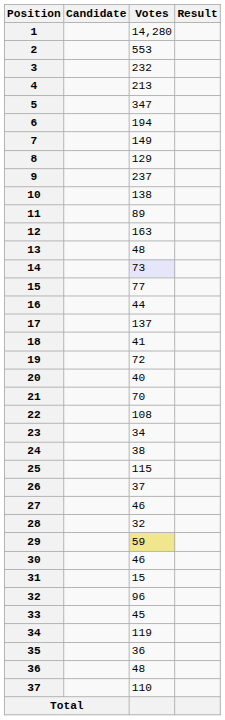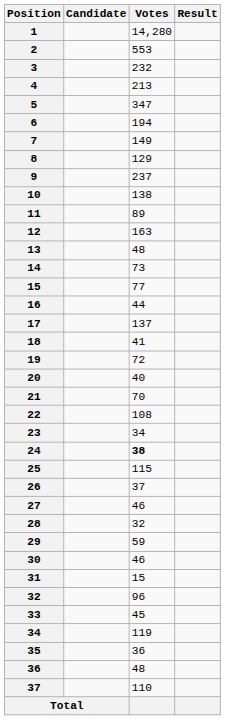 <table class="wikitable sortable col3right">
 <tr>
 <th scope="col">Position</th>
 <th scope="col">Candidate</th>
 <th scope="col">Votes</th>
 <th scope="col">Result</th>
 </tr>
 <tr>
 <th scope="row">1</th>
 <td></td>
 <td>14,280</td>
 <td></td>
 </tr>
 <tr>
 <th scope="row">2</th>
 <td></td>
 <td>553</td>
 <td></td>
 </tr>
 <tr>
 <th scope="row">3</th>
 <td></td>
 <td>232</td>
 <td></td>
 </tr>
 <tr>
 <th scope="row">4</th>
 <td></td>
 <td>213</td>
 <td></td>
 </tr>
 <tr>
 <th scope="row">5</th>
 <td></td>
 <td>347</td>
 <td></td>
 </tr>
 <tr>
 <th scope="row">6</th>
 <td></td>
 <td>194</td>
 <td></td>
 </tr>
 <tr>
 <th scope="row">7</th>
 <td></td>
 <td>149</td>
 <td></td>
 </tr>
 <tr>
 <th scope="row">8</th>
 <td></td>
 <td>129</td>
 <td></td>
 </tr>
 <tr>
 <th scope="row">9</th>
 <td></td>
 <td>237</td>
 <td></td>
 </tr>
 <tr>
 <th scope="row">10</th>
 <td></td>
 <td>138</td>
 <td></td>
 </tr>
 <tr>
 <th scope="row">11</th>
 <td></td>
 <td>89</td>
 <td></td>
 </tr>
 <tr>
 <th scope="row">12</th>
 <td></td>
 <td>163</td>
 <td></td>
 </tr>
 <tr>
 <th scope="row">13</th>
 <td></td>
 <td>48</td>
 <td></td>
 </tr>
 <tr>
 <th scope="row">14</th>
 <td></td>
-<td style="background: lavender;">73</td>
+<td>73</td>
 <td></td>
 </tr>
 <tr>
 <th scope="row">15</th>
 <td></td>
 <td>77</td>
 <td></td>
 </tr>
 <tr>
 <th scope="row">16</th>
 <td></td>
 <td>44</td>
 <td></td>
 </tr>
 <tr>
 <th scope="row">17</th>
 <td></td>
 <td>137</td>
 <td></td>
 </tr>
 <tr>
 <th scope="row">18</th>
 <td></td>
 <td>41</td>
 <td></td>
 </tr>
 <tr>
 <th scope="row">19</th>
 <td></td>
 <td>72</td>
 <td></td>
 </tr>
 <tr>
 <th scope="row">20</th>
 <td></td>
 <td>40</td>
 <td></td>
 </tr>
 <tr>
 <th scope="row">21</th>
 <td></td>
 <td>70</td>
 <td></td>
 </tr>
 <tr>
 <th scope="row">22</th>
 <td></td>
 <td>108</td>
 <td></td>
 </tr>
 <tr>
 <th scope="row">23</th>
 <td></td>
 <td>34</td>
 <td></td>
 </tr>
 <tr>
 <th scope="row">24</th>
 <td></td>
-<td>38</td>
+<td><strong>38</strong></td>
 <td></td>
 </tr>
 <tr>
 <th scope="row">25</th>
 <td></td>
 <td>115</td>
 <td></td>
 </tr>
 <tr>
 <th scope="row">26</th>
 <td></td>
 <td>37</td>
 <td></td>
 </tr>
 <tr>
 <th scope="row">27</th>
 <td></td>
 <td>46</td>
 <td></td>
 </tr>
 <tr>
 <th scope="row">28</th>
 <td></td>
 <td>32</td>
 <td></td>
 </tr>
 <tr>
 <th scope="row">29</th>
 <td></td>
-<td style="background: khaki;">59</td>
+<td>59</td>
 <td></td>
 </tr>
 <tr>
 <th scope="row">30</th>
 <td></td>
 <td>46</td>
 <td></td>
 </tr>
 <tr>
 <th scope="row">31</th>
 <td></td>
 <td>15</td>
 <td></td>
 </tr>
 <tr>
 <th scope="row">32</th>
 <td></td>
 <td>96</td>
 <td></td>
 </tr>
 <tr>
 <th scope="row">33</th>
 <td></td>
 <td>45</td>
 <td></td>
 </tr>
 <tr>
 <th scope="row">34</th>
 <td></td>
 <td>119</td>
 <td></td>
 </tr>
 <tr>
 <th scope="row">35</th>
 <td></td>
 <td>36</td>
 <td></td>
 </tr>
 <tr>
 <th scope="row">36</th>
 <td></td>
 <td>48</td>
 <td></td>
 </tr>
 <tr>
 <th scope="row">37</th>
 <td></td>
 <td>110</td>
 <td></td>
 </tr>
 <tr class="sortbottom">
 <th scope="row" colspan="2">Total</th>
 <th></th>
 <th></th>
 </tr>
 </table>
